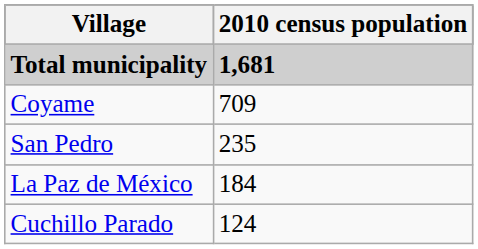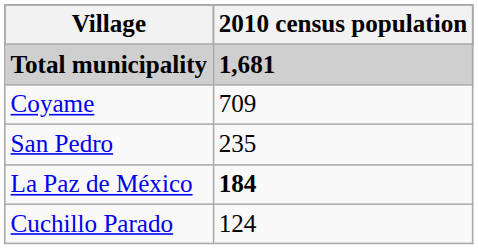 <table class="wikitable">
 <tr style="background:#000000; color:black;">
 <th><strong>Village</strong></th>
 <th><strong>2010 census population</strong></th>
 </tr>
 <tr style="background:#CFCFCF;">
 <td><strong>Total municipality</strong></td>
 <td><strong>1,681</strong></td>
 </tr>
 <tr>
 <td><a href='#'>Coyame</a></td>
 <td>709</td>
 </tr>
 <tr>
 <td><a href='#'>San Pedro</a></td>
 <td>235</td>
 </tr>
 <tr>
 <td><a href='#'>La Paz de México</a></td>
-<td>184</td>
+<td><strong>184</strong></td>
 </tr>
 <tr>
 <td><a href='#'>Cuchillo Parado</a></td>
 <td>124</td>
 </tr>
 </table>
